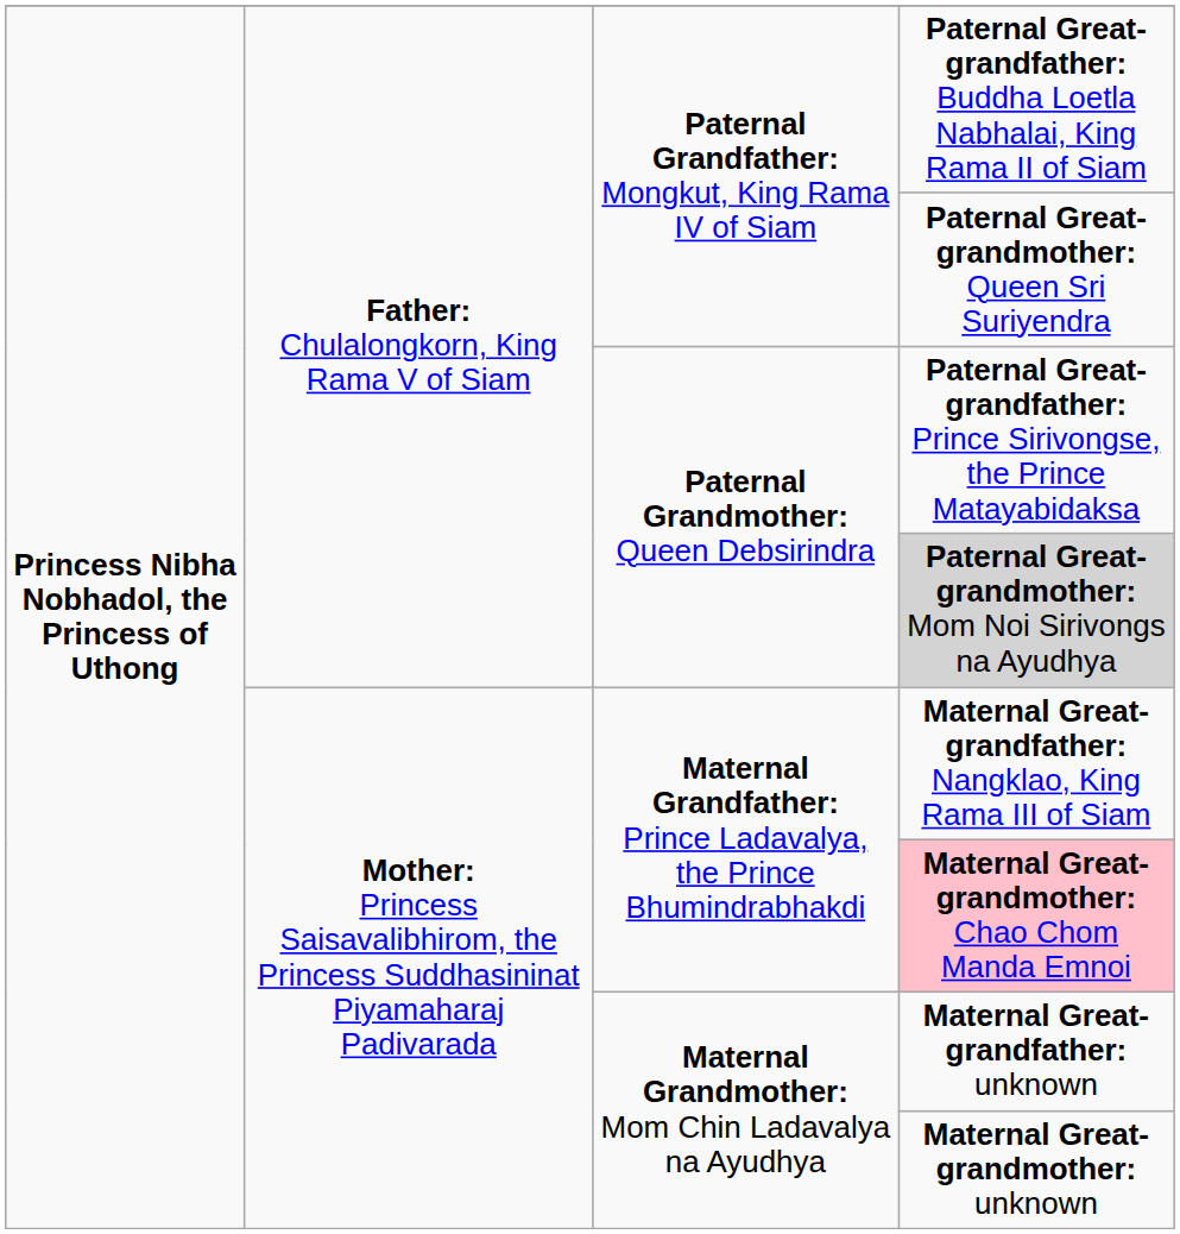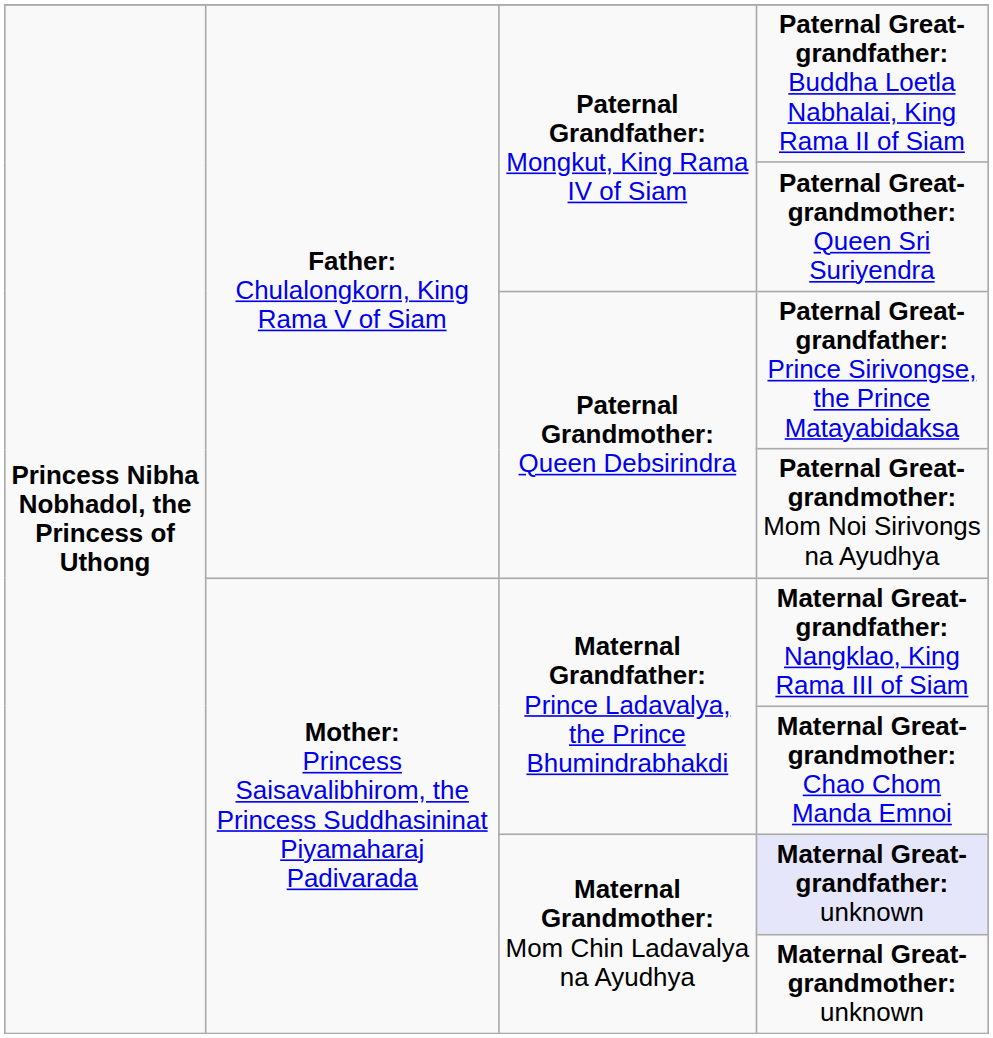 <table class="wikitable">
 <tr>
 </tr>
 <tr>
 <td rowspan="8" align="center"><strong>Princess Nibha Nobhadol, the Princess of Uthong</strong></td>
 <td rowspan="4" align="center"><strong>Father:</strong><br><a href='#'>Chulalongkorn, King Rama V of Siam</a></td>
 <td rowspan="2" align="center"><strong>Paternal Grandfather:</strong><br><a href='#'>Mongkut, King Rama IV of Siam</a></td>
 <td align = "center"><strong>Paternal Great-grandfather:</strong><br><a href='#'>Buddha Loetla Nabhalai, King Rama II of Siam</a></td>
 </tr>
 <tr>
 <td align = "center"><strong>Paternal Great-grandmother:</strong><br><a href='#'>Queen Sri Suriyendra</a></td>
 </tr>
 <tr>
 <td rowspan="2" align="center"><strong>Paternal Grandmother:</strong><br><a href='#'>Queen Debsirindra</a></td>
 <td align = "center"><strong>Paternal Great-grandfather:</strong><br><a href='#'>Prince Sirivongse, the Prince Matayabidaksa</a></td>
 </tr>
 <tr>
-<td align = "center" style="background: lightgrey;"><strong>Paternal Great-grandmother:</strong><br>Mom Noi Sirivongs na Ayudhya</td>
+<td align = "center"><strong>Paternal Great-grandmother:</strong><br>Mom Noi Sirivongs na Ayudhya</td>
 </tr>
 <tr>
 <td rowspan="4" align="center"><strong>Mother:</strong><br><a href='#'>Princess Saisavalibhirom, the Princess Suddhasininat Piyamaharaj Padivarada</a></td>
 <td rowspan="2" align="center"><strong>Maternal Grandfather:</strong><br><a href='#'>Prince Ladavalya, the Prince Bhumindrabhakdi</a></td>
 <td align = "center"><strong>Maternal Great-grandfather:</strong><br><a href='#'>Nangklao, King Rama III of Siam</a></td>
 </tr>
 <tr>
-<td align = "center" style="background: pink;"><strong>Maternal Great-grandmother:</strong><br><a href='#'>Chao Chom Manda Emnoi</a></td>
+<td align = "center"><strong>Maternal Great-grandmother:</strong><br><a href='#'>Chao Chom Manda Emnoi</a></td>
 </tr>
 <tr>
 <td rowspan="2" align="center"><strong>Maternal Grandmother:</strong><br>Mom Chin Ladavalya na Ayudhya</td>
-<td align = "center"><strong>Maternal Great-grandfather:</strong><br>unknown</td>
+<td align = "center" style="background: lavender;"><strong>Maternal Great-grandfather:</strong><br>unknown</td>
 </tr>
 <tr>
 <td align = "center"><strong>Maternal Great-grandmother:</strong><br>unknown</td>
 </tr>
 </table>
